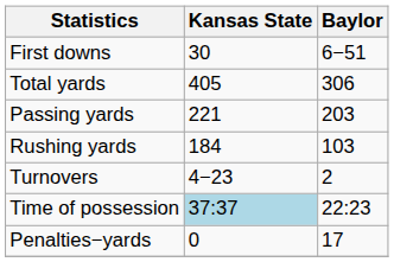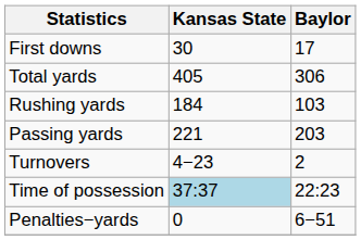 <table class="wikitable" style="float: left;">
 <tr>
 <th>Statistics</th>
 <th>Kansas State</th>
 <th>Baylor</th>
 </tr>
 <tr>
 <td>First downs</td>
 <td>30</td>
-<td>6−51</td>
+<td>17</td>
 </tr>
 <tr>
 <td>Total yards</td>
 <td>405</td>
 <td>306</td>
 </tr>
 <tr>
+<td>Rushing yards</td>
+<td>184</td>
+<td>103</td>
+</tr>
+<tr>
 <td>Passing yards</td>
 <td>221</td>
 <td>203</td>
-</tr>
-<tr>
-<td>Rushing yards</td>
-<td>184</td>
-<td>103</td>
 </tr>
 <tr>
 <td>Turnovers</td>
 <td>4−23</td>
 <td>2</td>
 </tr>
 <tr>
 <td>Time of possession</td>
 <td style="background: lightblue;">37:37</td>
 <td>22:23</td>
 </tr>
 <tr>
 <td>Penalties−yards</td>
 <td>0</td>
-<td>17</td>
+<td>6−51</td>
 </tr>
 <tr>
 </tr>
 </table>
